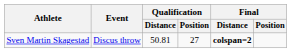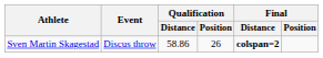 <table class=wikitable style="font-size:90%">
 <tr>
 <th rowspan="2">Athlete</th>
 <th rowspan="2">Event</th>
 <th colspan="2">Qualification</th>
 <th colspan="2">Final</th>
 </tr>
 <tr style="font-size:95%">
 <th>Distance</th>
 <th>Position</th>
 <th>Distance</th>
 <th>Position</th>
 </tr>
 <tr style=text-align:center>
 <td style=text-align:left><a href='#'>Sven Martin Skagestad</a></td>
 <td style=text-align:left><a href='#'>Discus throw</a></td>
-<td>50.81</td>
-<td>27</td>
+<td>58.86</td>
+<td>26</td>
 <td><strong>colspan=2 </strong></td>
 </tr>
 </table>
